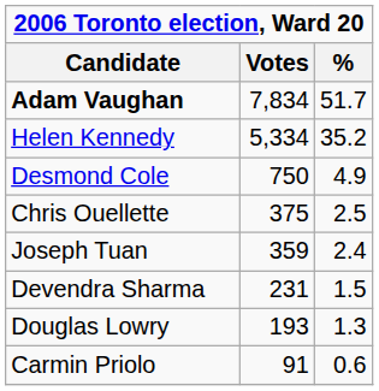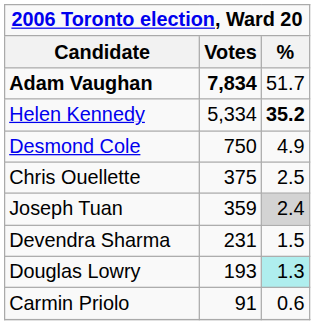 <table class="wikitable">
 <tr>
 <td Colspan="3" align="center"><strong><a href='#'>2006 Toronto election</a>, Ward 20</strong></td>
 </tr>
 <tr>
 <th bgcolor="#DDDDFF" width="150px">Candidate</th>
 <th bgcolor="#DDDDFF">Votes</th>
 <th bgcolor="#DDDDFF">%</th>
 </tr>
 <tr>
 <td><strong>Adam Vaughan</strong></td>
-<td align=right>7,834</td>
+<td align=right><strong>7,834</strong></td>
 <td align=right>51.7</td>
 </tr>
 <tr>
 <td><a href='#'>Helen Kennedy</a></td>
 <td align=right>5,334</td>
-<td align=right>35.2</td>
+<td align=right><strong>35.2</strong></td>
 </tr>
 <tr>
 <td><a href='#'>Desmond Cole</a></td>
 <td align=right>750</td>
 <td align=right>4.9</td>
 </tr>
 <tr>
 <td>Chris Ouellette</td>
 <td align=right>375</td>
 <td align=right>2.5</td>
 </tr>
 <tr>
 <td>Joseph Tuan</td>
 <td align=right>359</td>
-<td align=right>2.4</td>
+<td align=right style="background: lightgrey;">2.4</td>
 </tr>
 <tr>
 <td>Devendra Sharma</td>
 <td align=right>231</td>
 <td align=right>1.5</td>
 </tr>
 <tr>
 <td>Douglas Lowry</td>
 <td align=right>193</td>
-<td align=right>1.3</td>
+<td align=right style="background: paleturquoise;">1.3</td>
 </tr>
 <tr>
 <td>Carmin Priolo</td>
 <td align=right>91</td>
 <td align=right>0.6</td>
 </tr>
 <tr>
 </tr>
 </table>
